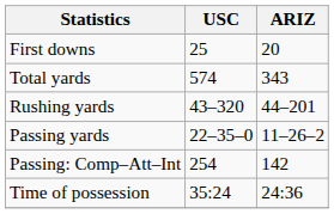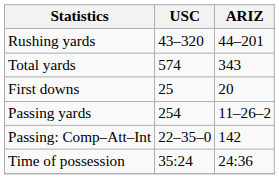 <table class="wikitable" style="float: left;">
 <tr>
 <th>Statistics</th>
 <th>USC</th>
 <th>ARIZ</th>
 </tr>
 <tr>
-<td>First downs</td>
-<td>25</td>
-<td>20</td>
+<td>Rushing yards</td>
+<td>43–320</td>
+<td>44–201</td>
 </tr>
 <tr>
 <td>Total yards</td>
 <td>574</td>
 <td>343</td>
 </tr>
 <tr>
-<td>Rushing yards</td>
-<td>43–320</td>
-<td>44–201</td>
+<td>First downs</td>
+<td>25</td>
+<td>20</td>
 </tr>
 <tr>
 <td>Passing yards</td>
-<td>22–35–0</td>
+<td>254</td>
 <td>11–26–2</td>
 </tr>
 <tr>
 <td>Passing: Comp–Att–Int</td>
-<td>254</td>
+<td>22–35–0</td>
 <td>142</td>
 </tr>
 <tr>
 <td>Time of possession</td>
 <td>35:24</td>
 <td>24:36</td>
 </tr>
 <tr>
 </tr>
 </table>
